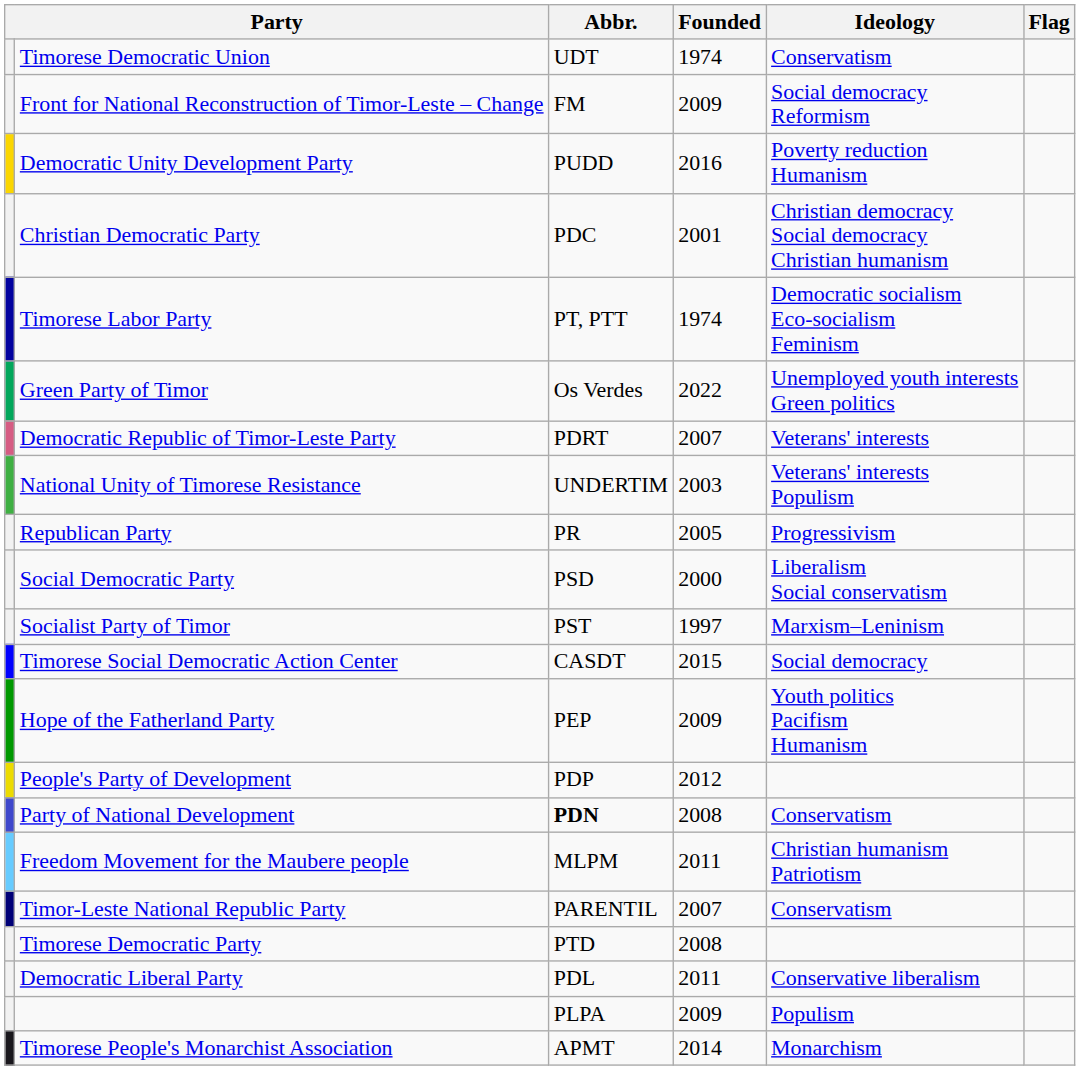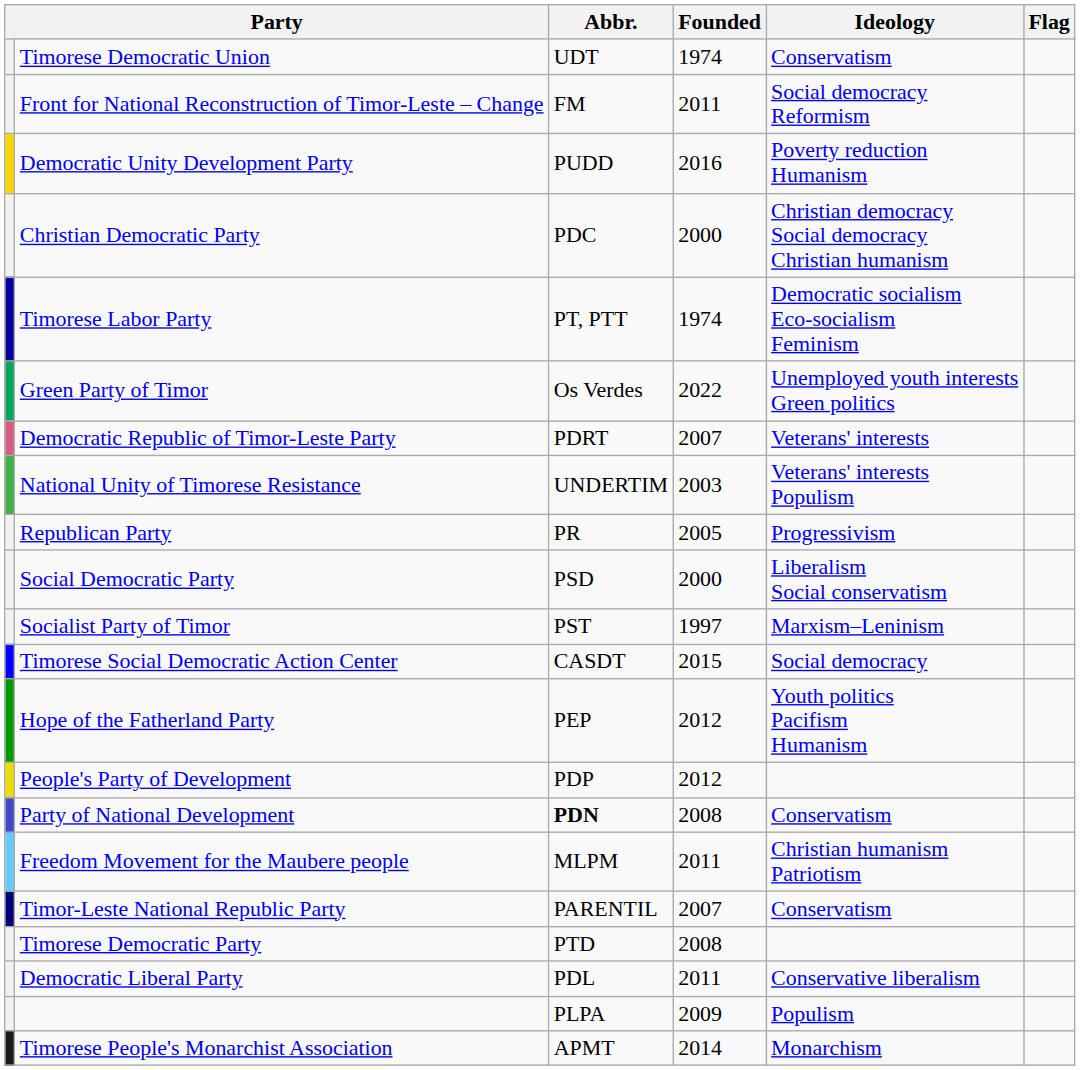 <table class="wikitable sortable">
 <tr>
 <th colspan=2>Party</th>
 <th>Abbr.</th>
 <th>Founded</th>
 <th>Ideology</th>
 <th>Flag</th>
 </tr>
 <tr>
 <th style="background-color: "></th>
 <td><a href='#'>Timorese Democratic Union</a><br></td>
 <td>UDT</td>
 <td>1974</td>
 <td><a href='#'>Conservatism</a></td>
 <td></td>
 </tr>
 <tr>
 <th style="background-color: "></th>
 <td><a href='#'>Front for National Reconstruction of Timor-Leste – Change</a><br></td>
 <td>FM</td>
-<td>2009</td>
+<td>2011</td>
 <td><a href='#'>Social democracy</a><br><a href='#'>Reformism</a></td>
 <td></td>
 </tr>
 <tr>
 <th style="background-color: #fbd600"></th>
 <td><a href='#'>Democratic Unity Development Party</a><br></td>
 <td>PUDD</td>
 <td> 2016</td>
 <td><a href='#'>Poverty reduction</a><br><a href='#'>Humanism</a></td>
 <td></td>
 </tr>
 <tr>
 <th style="background-color: "></th>
 <td><a href='#'>Christian Democratic Party</a><br></td>
 <td>PDC</td>
-<td>2001</td>
+<td>2000</td>
 <td><a href='#'>Christian democracy</a><br><a href='#'>Social democracy</a><br><a href='#'>Christian humanism</a></td>
 <td></td>
 </tr>
 <tr>
 <th style="background-color: #02029f"></th>
 <td><a href='#'>Timorese Labor Party</a><br></td>
 <td>PT, PTT</td>
 <td>1974</td>
 <td><a href='#'>Democratic socialism</a><br><a href='#'>Eco-socialism</a><br><a href='#'>Feminism</a></td>
 <td></td>
 </tr>
 <tr>
 <th style="background-color: #02a75b"></th>
 <td><a href='#'>Green Party of Timor</a><br></td>
 <td>Os Verdes</td>
 <td>2022</td>
 <td><a href='#'>Unemployed youth interests</a><br><a href='#'>Green politics</a></td>
 <td></td>
 </tr>
 <tr>
 <th style="background-color: #d65c83"></th>
 <td><a href='#'>Democratic Republic of Timor-Leste Party</a><br></td>
 <td>PDRT</td>
 <td> 2007</td>
 <td><a href='#'>Veterans' interests</a></td>
 <td></td>
 </tr>
 <tr>
 <th style="background-color: #3FB043"></th>
 <td><a href='#'>National Unity of Timorese Resistance</a><br></td>
 <td>UNDERTIM</td>
 <td>2003</td>
 <td><a href='#'>Veterans' interests</a><br><a href='#'>Populism</a></td>
 <td></td>
 </tr>
 <tr>
 <th style="background-color: "></th>
 <td><a href='#'>Republican Party</a><br></td>
 <td>PR</td>
 <td>2005</td>
 <td><a href='#'>Progressivism</a></td>
 <td></td>
 </tr>
 <tr>
 <th style="background-color: "></th>
 <td><a href='#'>Social Democratic Party</a><br></td>
 <td>PSD</td>
 <td>2000</td>
 <td><a href='#'>Liberalism</a><br><a href='#'>Social conservatism</a></td>
 <td></td>
 </tr>
 <tr>
 <th style="background-color: "></th>
 <td><a href='#'>Socialist Party of Timor</a><br></td>
 <td>PST</td>
 <td>1997</td>
 <td><a href='#'>Marxism–Leninism</a></td>
 <td></td>
 </tr>
 <tr>
 <th style="background-color: #0101ff"></th>
 <td><a href='#'>Timorese Social Democratic Action Center</a><br></td>
 <td>CASDT</td>
 <td>2015</td>
 <td><a href='#'>Social democracy</a></td>
 <td></td>
 </tr>
 <tr>
 <th style="background-color: #009900"></th>
 <td><a href='#'>Hope of the Fatherland Party</a><br></td>
 <td>PEP</td>
-<td>2009</td>
+<td>2012</td>
 <td><a href='#'>Youth politics</a><br><a href='#'>Pacifism</a><br><a href='#'>Humanism</a></td>
 <td></td>
 </tr>
 <tr>
 <th style="background-color: #ECDB00"></th>
 <td><a href='#'>People's Party of Development</a><br></td>
 <td>PDP</td>
 <td>2012</td>
 <td></td>
 <td></td>
 </tr>
 <tr>
 <th style="background-color: #3f48cc"></th>
 <td><a href='#'>Party of National Development</a><br></td>
 <td><strong>PDN</strong></td>
 <td>2008</td>
 <td><a href='#'>Conservatism</a></td>
 <td></td>
 </tr>
 <tr>
 <th style="background-color: #66CBFF"></th>
 <td><a href='#'>Freedom Movement for the Maubere people</a><br></td>
 <td>MLPM</td>
 <td>2011</td>
 <td><a href='#'>Christian humanism</a><br><a href='#'>Patriotism</a></td>
 <td></td>
 </tr>
 <tr>
 <th style="background-color: #000077"></th>
 <td><a href='#'>Timor-Leste National Republic Party</a><br></td>
 <td>PARENTIL</td>
 <td>2007</td>
 <td><a href='#'>Conservatism</a></td>
 <td></td>
 </tr>
 <tr>
 <th style="background-color: "></th>
 <td><a href='#'>Timorese Democratic Party</a><br></td>
 <td>PTD</td>
 <td>2008</td>
 <td></td>
 <td></td>
 </tr>
 <tr>
 <th style="background-color: "></th>
 <td><a href='#'>Democratic Liberal Party</a><br></td>
 <td>PDL</td>
 <td> 2011</td>
 <td><a href='#'>Conservative liberalism</a></td>
 <td></td>
 </tr>
 <tr>
 <th style="background-color: "></th>
 <td><br></td>
 <td>PLPA</td>
 <td>2009</td>
 <td><a href='#'>Populism</a></td>
 <td></td>
 </tr>
 <tr>
 <th style="background-color: #19171c"></th>
 <td><a href='#'>Timorese People's Monarchist Association</a><br></td>
 <td>APMT</td>
 <td> 2014</td>
 <td><a href='#'>Monarchism</a></td>
 <td></td>
 </tr>
 </table>
